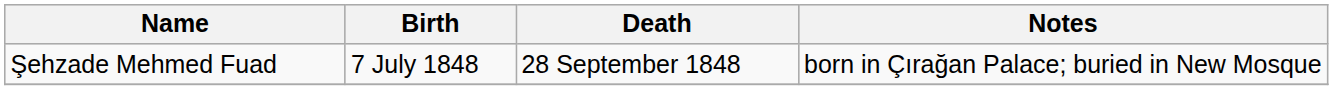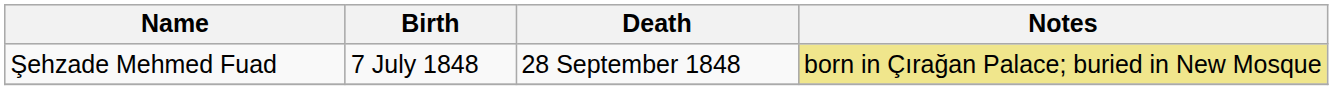 <table class="wikitable">
 <tr>
 <th>Name</th>
 <th>Birth</th>
 <th>Death</th>
 <th style="width:40%;">Notes</th>
 </tr>
 <tr>
 <td>Şehzade Mehmed Fuad</td>
 <td>7 July 1848</td>
 <td>28 September 1848</td>
-<td>born in Çırağan Palace; buried in New Mosque</td>
+<td style="background: khaki;">born in Çırağan Palace; buried in New Mosque</td>
 </tr>
 <tr>
 </tr>
 </table>
